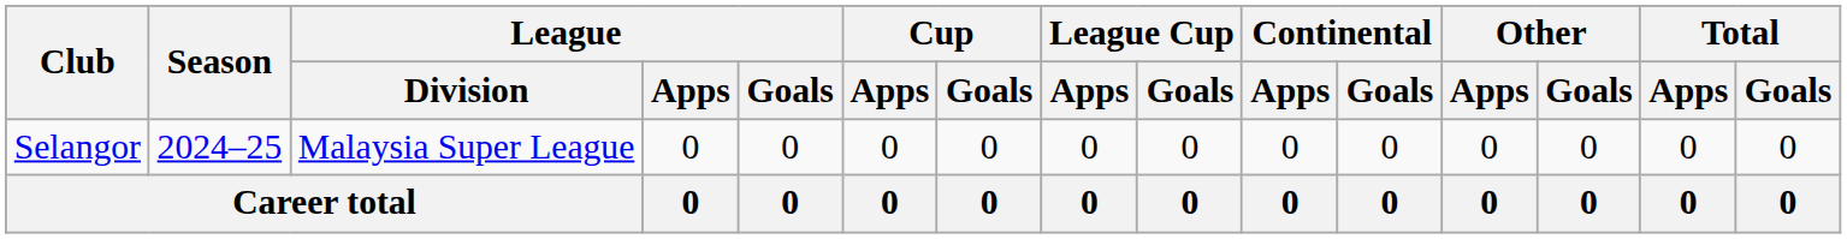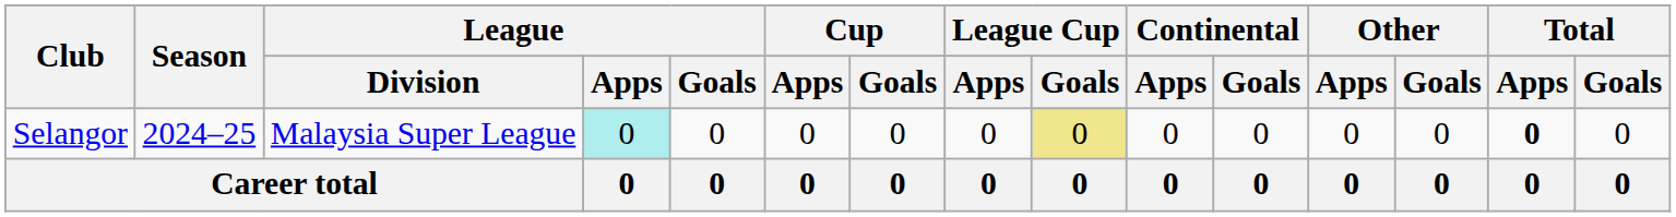 <table class="wikitable" style="text-align: center;">
 <tr>
 <th rowspan="2">Club</th>
 <th rowspan="2">Season</th>
 <th colspan="3">League</th>
 <th colspan="2">Cup</th>
 <th colspan="2">League Cup</th>
 <th colspan="2">Continental</th>
 <th colspan="2">Other</th>
 <th colspan="2">Total</th>
 </tr>
 <tr>
 <th>Division</th>
 <th>Apps</th>
 <th>Goals</th>
 <th>Apps</th>
 <th>Goals</th>
 <th>Apps</th>
 <th>Goals</th>
 <th>Apps</th>
 <th>Goals</th>
 <th>Apps</th>
 <th>Goals</th>
 <th>Apps</th>
 <th>Goals</th>
 </tr>
 <tr>
 <td><a href='#'>Selangor</a></td>
 <td><a href='#'>2024–25</a></td>
 <td><a href='#'>Malaysia Super League</a></td>
+<td style="background: paleturquoise;">0</td>
 <td>0</td>
 <td>0</td>
 <td>0</td>
 <td>0</td>
+<td style="background: khaki;">0</td>
 <td>0</td>
 <td>0</td>
 <td>0</td>
 <td>0</td>
-<td>0</td>
-<td>0</td>
-<td>0</td>
+<td><strong>0</strong></td>
 <td>0</td>
 </tr>
 <tr>
 <th colspan="3">Career total</th>
 <th>0</th>
 <th>0</th>
 <th>0</th>
 <th>0</th>
 <th>0</th>
 <th>0</th>
 <th>0</th>
 <th>0</th>
 <th>0</th>
 <th>0</th>
 <th>0</th>
 <th>0</th>
 </tr>
 </table>
